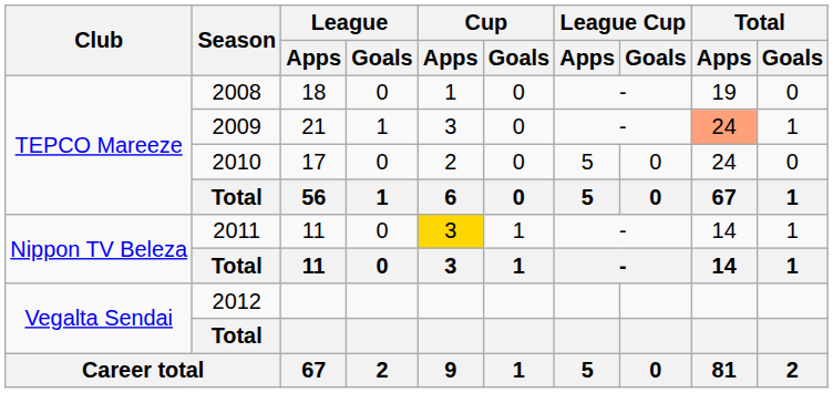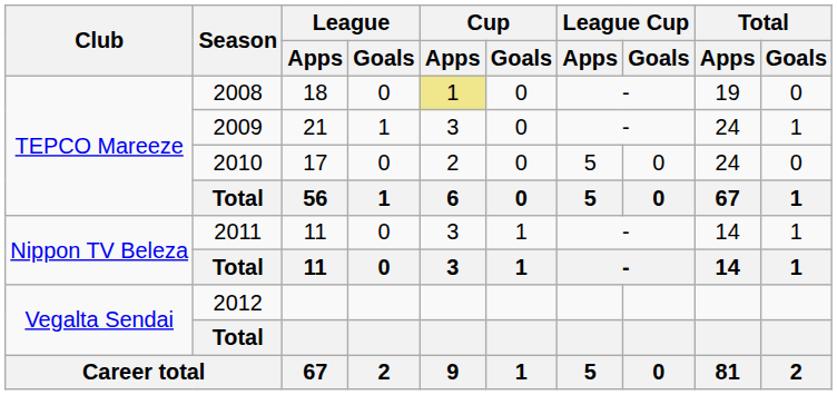 <table class="wikitable" style="font-size:90%; text-align:center;">
 <tr>
 <th rowspan="2">Club</th>
 <th rowspan="2">Season</th>
 <th colspan="2">League</th>
 <th colspan="2">Cup</th>
 <th colspan="2">League Cup</th>
 <th colspan="2">Total</th>
 </tr>
 <tr>
 <th>Apps</th>
 <th>Goals</th>
 <th>Apps</th>
 <th>Goals</th>
 <th>Apps</th>
 <th>Goals</th>
 <th>Apps</th>
 <th>Goals</th>
 </tr>
 <tr>
 <td rowspan="4"><a href='#'>TEPCO Mareeze</a></td>
 <td>2008</td>
 <td>18</td>
 <td>0</td>
-<td>1</td>
+<td style="background: khaki;">1</td>
 <td>0</td>
 <td colspan="2">-</td>
 <td>19</td>
 <td>0</td>
 </tr>
 <tr>
 <td>2009</td>
 <td>21</td>
 <td>1</td>
 <td>3</td>
 <td>0</td>
 <td colspan="2">-</td>
-<td style="background: lightsalmon;">24</td>
+<td>24</td>
 <td>1</td>
 </tr>
 <tr>
 <td>2010</td>
 <td>17</td>
 <td>0</td>
 <td>2</td>
 <td>0</td>
 <td>5</td>
 <td>0</td>
 <td>24</td>
 <td>0</td>
 </tr>
 <tr>
 <th colspan="1">Total</th>
 <th>56</th>
 <th>1</th>
 <th>6</th>
 <th>0</th>
 <th>5</th>
 <th>0</th>
 <th>67</th>
 <th>1</th>
 </tr>
 <tr>
 <td rowspan="2"><a href='#'>Nippon TV Beleza</a></td>
 <td>2011</td>
 <td>11</td>
 <td>0</td>
-<td style="background: gold;">3</td>
+<td>3</td>
 <td>1</td>
 <td colspan="2">-</td>
 <td>14</td>
 <td>1</td>
 </tr>
 <tr>
 <th colspan="1">Total</th>
 <th>11</th>
 <th>0</th>
 <th>3</th>
 <th>1</th>
 <th colspan="2">-</th>
 <th>14</th>
 <th>1</th>
 </tr>
 <tr>
 <td rowspan="2"><a href='#'>Vegalta Sendai</a></td>
 <td>2012</td>
 <td></td>
 <td></td>
 <td></td>
 <td></td>
 <td></td>
 <td></td>
 <td></td>
 <td></td>
 </tr>
 <tr>
 <th colspan="1">Total</th>
 <th></th>
 <th></th>
 <th></th>
 <th></th>
 <th></th>
 <th></th>
 <th></th>
 <th></th>
 </tr>
 <tr>
 <th colspan="2">Career total</th>
 <th>67</th>
 <th>2</th>
 <th>9</th>
 <th>1</th>
 <th>5</th>
 <th>0</th>
 <th>81</th>
 <th>2</th>
 </tr>
 </table>
